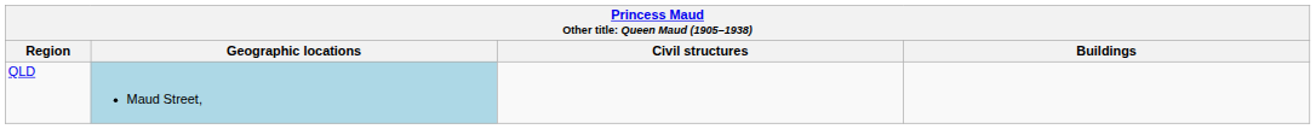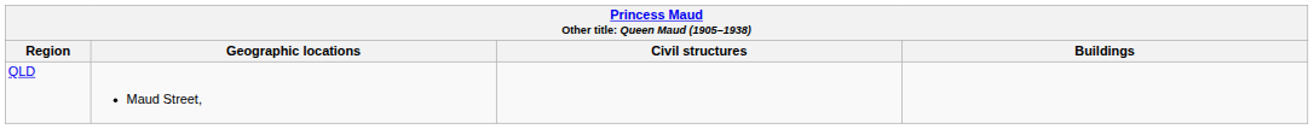 <table class="wikitable" width="100%">
 <tr>
 <th colspan="4"> <a href='#'>Princess Maud</a><br><small>Other title: <em>Queen Maud (1905–1938)</em></small></th>
 </tr>
 <tr>
 <th width="5%">Region</th>
 <th width="23.75%">Geographic locations</th>
 <th width="23.75%">Civil structures</th>
 <th width="23.75%">Buildings</th>
 </tr>
 <tr>
 <td align=left valign=top> <a href='#'>QLD</a></td>
-<td style="background: lightblue;"><br><ul><li>Maud Street, </li></ul></td>
+<td><br><ul><li>Maud Street, </li></ul></td>
 <td></td>
 <td></td>
 </tr>
 </table>
